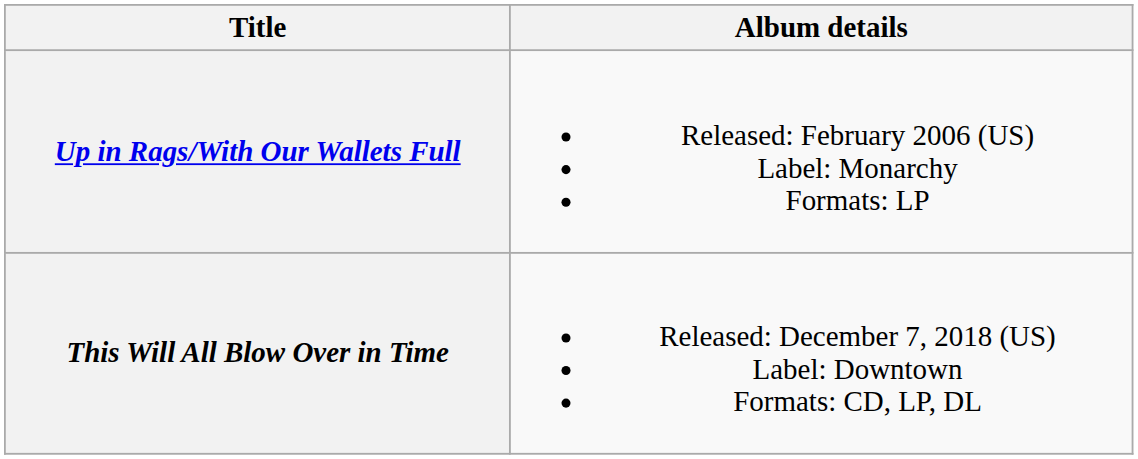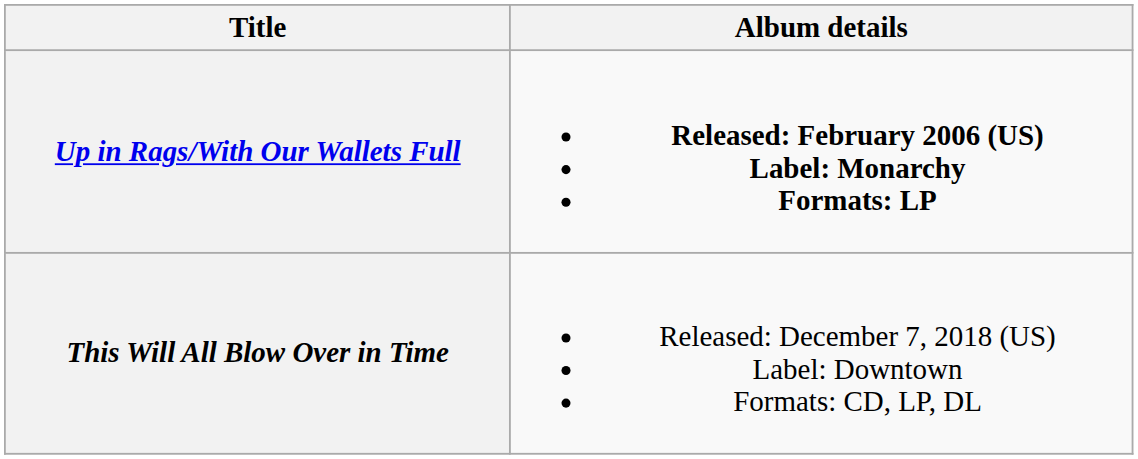 <table class="wikitable plainrowheaders" style="text-align:center;">
 <tr>
 <th scope="col" style="width:17em;">Title</th>
 <th scope="col" style="width:21em;">Album details</th>
 </tr>
 <tr>
 <th scope="row"><em><a href='#'>Up in Rags/With Our Wallets Full</a></em></th>
-<td><br><ul><li>Released: February 2006 <span>(US)</span></li><li>Label: Monarchy</li><li>Formats: LP</li></ul></td>
+<td><strong><br><ul><li>Released: February 2006 <span>(US)</span></li><li>Label: Monarchy</li><li>Formats: LP</li></ul></strong></td>
 </tr>
 <tr>
 <th scope="row"><em>This Will All Blow Over in Time</em></th>
 <td><br><ul><li>Released: December 7, 2018 <span>(US)</span></li><li>Label: Downtown</li><li>Formats: CD, LP, DL</li></ul></td>
 </tr>
 </table>
